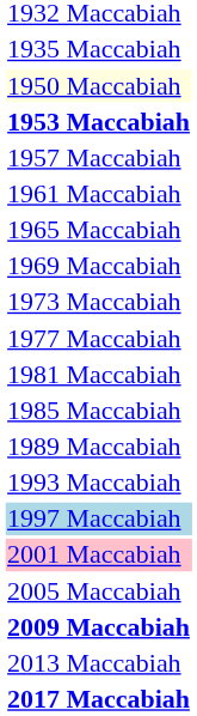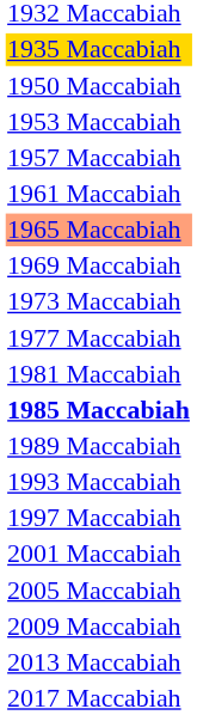 <table>
 <tr valign="top">
 <td><a href='#'>1932 Maccabiah</a></td>
 <td></td>
 <td></td>
 <td></td>
 </tr>
 <tr>
-<td><a href='#'>1935 Maccabiah</a></td>
+<td style="background: gold;"><a href='#'>1935 Maccabiah</a></td>
 <td></td>
 <td></td>
 <td></td>
 </tr>
 <tr>
-<td style="background: lightyellow;"><a href='#'>1950 Maccabiah</a></td>
+<td><a href='#'>1950 Maccabiah</a></td>
 <td></td>
 <td></td>
 <td></td>
 </tr>
 <tr>
-<td><strong><a href='#'>1953 Maccabiah</a></strong></td>
+<td><a href='#'>1953 Maccabiah</a></td>
 <td></td>
 <td></td>
 <td></td>
 </tr>
 <tr>
 <td><a href='#'>1957 Maccabiah</a></td>
 <td></td>
 <td></td>
 <td></td>
 </tr>
 <tr>
 <td><a href='#'>1961 Maccabiah</a></td>
 <td></td>
 <td></td>
 <td></td>
 </tr>
 <tr>
-<td><a href='#'>1965 Maccabiah</a></td>
+<td style="background: lightsalmon;"><a href='#'>1965 Maccabiah</a></td>
 <td></td>
 <td></td>
 <td></td>
 </tr>
 <tr>
 <td><a href='#'>1969 Maccabiah</a></td>
 <td></td>
 <td></td>
 <td></td>
 </tr>
 <tr>
 <td><a href='#'>1973 Maccabiah</a></td>
 <td></td>
 <td></td>
 <td></td>
 </tr>
 <tr>
 <td><a href='#'>1977 Maccabiah</a></td>
 <td></td>
 <td></td>
 <td></td>
 </tr>
 <tr>
 <td><a href='#'>1981 Maccabiah</a></td>
 <td></td>
 <td></td>
 <td></td>
 </tr>
 <tr>
-<td><a href='#'>1985 Maccabiah</a></td>
+<td><strong><a href='#'>1985 Maccabiah</a></strong></td>
 <td></td>
 <td></td>
 <td></td>
 </tr>
 <tr>
 <td><a href='#'>1989 Maccabiah</a></td>
 <td></td>
 <td></td>
 <td></td>
 </tr>
 <tr>
 <td><a href='#'>1993 Maccabiah</a></td>
 <td></td>
 <td></td>
 <td></td>
 </tr>
 <tr>
-<td style="background: lightblue;"><a href='#'>1997 Maccabiah</a></td>
+<td><a href='#'>1997 Maccabiah</a></td>
 <td></td>
 <td></td>
 <td></td>
 </tr>
 <tr>
-<td style="background: pink;"><a href='#'>2001 Maccabiah</a></td>
+<td><a href='#'>2001 Maccabiah</a></td>
 <td></td>
 <td></td>
 <td></td>
 </tr>
 <tr>
 <td><a href='#'>2005 Maccabiah</a></td>
 <td></td>
 <td></td>
 <td></td>
 </tr>
 <tr>
-<td><strong><a href='#'>2009 Maccabiah</a></strong></td>
+<td><a href='#'>2009 Maccabiah</a></td>
 <td></td>
 <td></td>
 <td></td>
 </tr>
 <tr>
 <td><a href='#'>2013 Maccabiah</a></td>
 <td></td>
 <td></td>
 <td></td>
 </tr>
 <tr>
-<td><strong><a href='#'>2017 Maccabiah</a></strong></td>
+<td><a href='#'>2017 Maccabiah</a></td>
 <td></td>
 <td></td>
 <td></td>
 </tr>
 </table>
